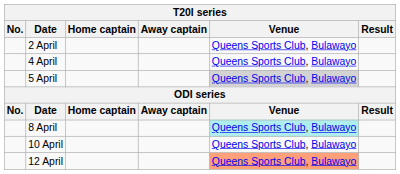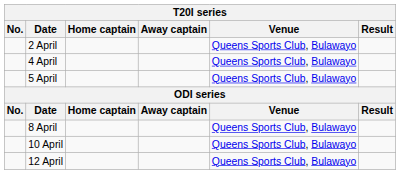 <table class="wikitable">
 <tr>
 <th colspan="9">T20I series</th>
 </tr>
 <tr>
 <th>No.</th>
 <th>Date</th>
 <th>Home captain</th>
 <th>Away captain</th>
 <th>Venue</th>
 <th>Result</th>
 </tr>
 <tr>
 <td></td>
 <td>2 April</td>
 <td></td>
 <td></td>
 <td><a href='#'>Queens Sports Club</a>, <a href='#'>Bulawayo</a></td>
 <td></td>
 </tr>
 <tr>
 <td></td>
 <td>4 April</td>
 <td></td>
 <td></td>
 <td><a href='#'>Queens Sports Club</a>, <a href='#'>Bulawayo</a></td>
 <td></td>
 </tr>
 <tr>
 <td></td>
 <td>5 April</td>
 <td></td>
 <td></td>
-<td style="background: lightgrey;"><a href='#'>Queens Sports Club</a>, <a href='#'>Bulawayo</a></td>
+<td><a href='#'>Queens Sports Club</a>, <a href='#'>Bulawayo</a></td>
 <td></td>
 </tr>
 <tr>
 <th colspan="9">ODI series</th>
 </tr>
 <tr>
 <th>No.</th>
 <th>Date</th>
 <th>Home captain</th>
 <th>Away captain</th>
 <th>Venue</th>
 <th>Result</th>
 </tr>
 <tr>
 <td></td>
 <td>8 April</td>
 <td></td>
 <td></td>
-<td style="background: paleturquoise;"><a href='#'>Queens Sports Club</a>, <a href='#'>Bulawayo</a></td>
+<td><a href='#'>Queens Sports Club</a>, <a href='#'>Bulawayo</a></td>
 <td></td>
 </tr>
 <tr>
 <td></td>
 <td>10 April</td>
 <td></td>
 <td></td>
 <td><a href='#'>Queens Sports Club</a>, <a href='#'>Bulawayo</a></td>
 <td></td>
 </tr>
 <tr>
 <td></td>
 <td>12 April</td>
 <td></td>
 <td></td>
-<td style="background: lightsalmon;"><a href='#'>Queens Sports Club</a>, <a href='#'>Bulawayo</a></td>
+<td><a href='#'>Queens Sports Club</a>, <a href='#'>Bulawayo</a></td>
 <td></td>
 </tr>
 </table>
